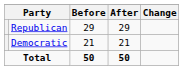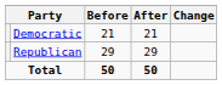 <table class="wikitable" style="text-align:center;">
 <tr>
 </tr>
 <tr>
 <th colspan=2>Party</th>
 <th>Before</th>
 <th>After</th>
 <th>Change</th>
 </tr>
 <tr>
 <th style="background-color:"></th>
-<td style="text-align:left;"><a href='#'>Republican</a></td>
-<td>29</td>
-<td>29</td>
+<td style="text-align:left;"><a href='#'>Democratic</a></td>
+<td>21</td>
+<td>21</td>
 <td></td>
 </tr>
 <tr>
 <th style="background-color:"></th>
-<td style="text-align:left;"><a href='#'>Democratic</a></td>
-<td>21</td>
-<td>21</td>
+<td style="text-align:left;"><a href='#'>Republican</a></td>
+<td>29</td>
+<td>29</td>
 <td></td>
 </tr>
 <tr>
 <td colspan=2><strong>Total</strong></td>
 <td><strong>50</strong></td>
 <td><strong>50</strong></td>
 <td></td>
 </tr>
 </table>
